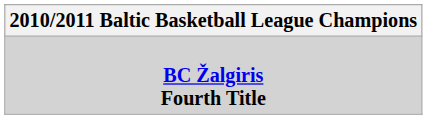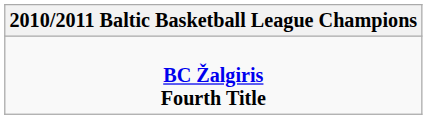 <table class=wikitable style="text-align:center; margin:auto">
 <tr>
 <th>2010/2011 Baltic Basketball League Champions</th>
 </tr>
 <tr>
-<td style="background: lightgrey;"><br><strong><a href='#'>BC Žalgiris</a></strong><br><strong>Fourth Title</strong> <br></td>
+<td><br><strong><a href='#'>BC Žalgiris</a></strong><br><strong>Fourth Title</strong> <br></td>
 </tr>
 </table>
